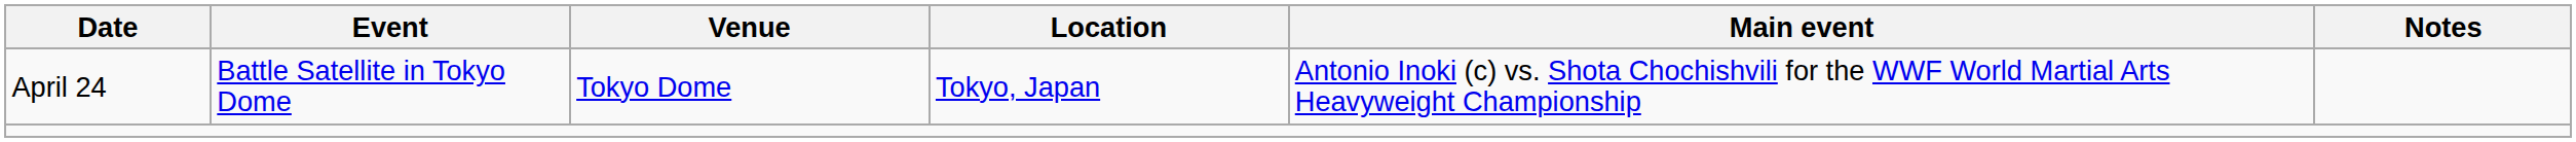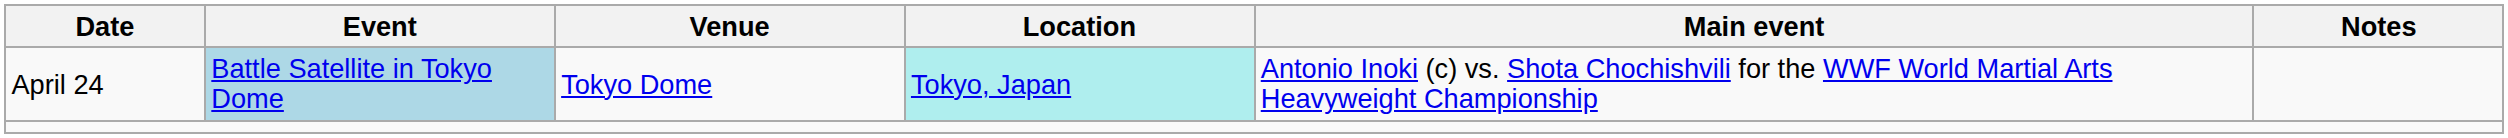 <table class="sortable wikitable succession-box" style="font-size:85%;">
 <tr>
 <th width=8%>Date</th>
 <th width=14%>Event</th>
 <th width=14%>Venue</th>
 <th width=14%>Location</th>
 <th width=40%>Main event</th>
 <th width=14%>Notes</th>
 </tr>
 <tr>
 <td>April 24</td>
-<td><a href='#'>Battle Satellite in Tokyo Dome</a></td>
+<td style="background: lightblue;"><a href='#'>Battle Satellite in Tokyo Dome</a></td>
 <td><a href='#'>Tokyo Dome</a></td>
-<td><a href='#'>Tokyo, Japan</a></td>
+<td style="background: paleturquoise;"><a href='#'>Tokyo, Japan</a></td>
 <td><a href='#'>Antonio Inoki</a> (c) vs. <a href='#'>Shota Chochishvili</a> for the <a href='#'>WWF World Martial Arts Heavyweight Championship</a></td>
 <td></td>
 </tr>
 <tr>
 <td colspan=6></td>
 </tr>
 </table>
